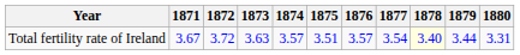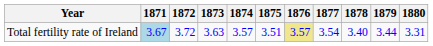 <table class="wikitable " style="text-align:right">
 <tr>
 <th>Year</th>
 <th>1871</th>
 <th>1872</th>
 <th>1873</th>
 <th>1874</th>
 <th>1875</th>
 <th>1876</th>
 <th>1877</th>
 <th>1878</th>
 <th>1879</th>
 <th>1880</th>
 </tr>
 <tr>
 <td align="left">Total fertility rate of Ireland</td>
-<td style="text-align:right; color:blue;">3.67</td>
+<td style="background: lightblue; text-align:right; color:blue;">3.67</td>
 <td style="text-align:right; color:blue;">3.72</td>
 <td style="text-align:right; color:blue;">3.63</td>
 <td style="text-align:right; color:blue;">3.57</td>
 <td style="text-align:right; color:blue;">3.51</td>
-<td style="text-align:right; color:blue;">3.57</td>
+<td style="background: khaki; text-align:right; color:blue;">3.57</td>
 <td style="text-align:right; color:blue;">3.54</td>
-<td style="background: lightyellow; text-align:right; color:blue;">3.40</td>
+<td style="text-align:right; color:blue;">3.40</td>
 <td style="text-align:right; color:blue;">3.44</td>
 <td style="text-align:right; color:blue;">3.31</td>
 </tr>
 </table>
